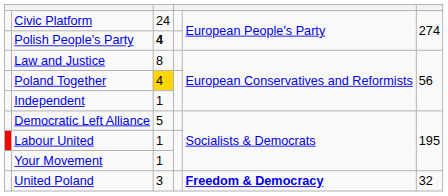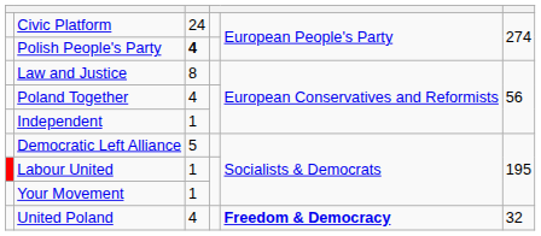 <table class="wikitable" style="font-size:90%;">
 <tr>
 <th colspan=2></th>
 <th></th>
 <th colspan=2></th>
 <th></th>
 </tr>
 <tr>
 <td width="1" style="background-color: "></td>
 <td><a href='#'>Civic Platform</a></td>
 <td>24</td>
 <td width="1"> </td>
 <td rowspan=2><a href='#'>European People's Party</a></td>
 <td rowspan=2>274</td>
 </tr>
 <tr>
 <td width="1" style="background-color: "></td>
 <td><a href='#'>Polish People's Party</a></td>
 <td><strong>4</strong></td>
 </tr>
 <tr>
 <td width="1" style="background-color: "></td>
 <td><a href='#'>Law and Justice</a></td>
 <td>8</td>
 <td width="1"> </td>
 <td rowspan=3><a href='#'>European Conservatives and Reformists</a></td>
 <td rowspan=3>56</td>
 </tr>
 <tr>
 <td width="1" style="background-color: "></td>
 <td><a href='#'>Poland Together</a></td>
-<td style="background: gold;">4</td>
+<td>4</td>
 </tr>
 <tr>
 <td width="1" style="background-color: "></td>
 <td><a href='#'>Independent</a></td>
 <td>1</td>
 </tr>
 <tr>
 <td width="1" style="background-color: "></td>
 <td><a href='#'>Democratic Left Alliance</a></td>
 <td>5</td>
 <td width="1"> </td>
 <td rowspan=3><a href='#'>Socialists & Democrats</a></td>
 <td rowspan=3>195</td>
 </tr>
 <tr>
 <td style="width:1px; background:#f00;"></td>
 <td><a href='#'>Labour United</a></td>
 <td>1</td>
 </tr>
 <tr>
 <td width="1" style="background-color: "></td>
 <td><a href='#'>Your Movement</a></td>
 <td>1</td>
 </tr>
 <tr>
 <td width="1" style="background-color: "></td>
 <td><a href='#'>United Poland</a></td>
-<td>3</td>
+<td>4</td>
 <td width="1"> </td>
 <td><strong><a href='#'>Freedom & Democracy</a></strong></td>
 <td>32</td>
 </tr>
 </table>
